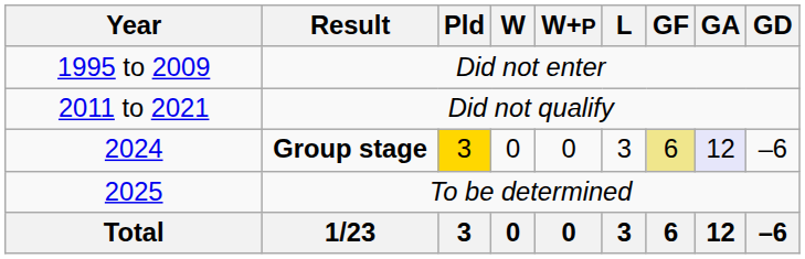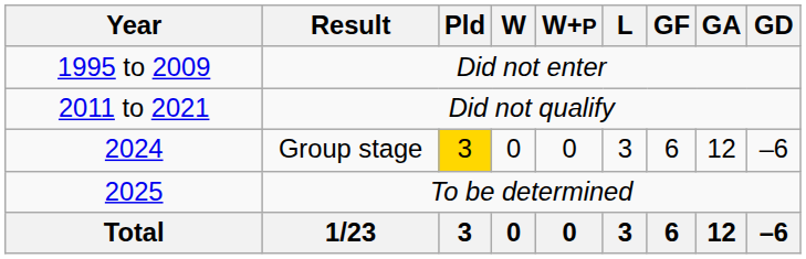 <table class="wikitable" style="text-align: center;">
 <tr>
 <th width=150>Year</th>
 <th width=100>Result</th>
 <th width=20>Pld</th>
 <th width=20>W</th>
 <th width=20>W+<small>P</small></th>
 <th width=20>L</th>
 <th width=20>GF</th>
 <th width=20>GA</th>
 <th width=25>GD</th>
 </tr>
 <tr>
 <td> <a href='#'>1995</a> to  <a href='#'>2009</a></td>
 <td colspan=8><em>Did not enter</em></td>
 </tr>
 <tr>
 <td> <a href='#'>2011</a> to  <a href='#'>2021</a></td>
 <td colspan=8><em>Did not qualify</em></td>
 </tr>
 <tr>
 <td> <a href='#'>2024</a></td>
-<td><strong>Group stage</strong></td>
+<td>Group stage</td>
 <td style="background: gold;">3</td>
 <td>0</td>
 <td>0</td>
 <td>3</td>
-<td style="background: khaki;">6</td>
-<td style="background: lavender;">12</td>
+<td>6</td>
+<td>12</td>
 <td>–6</td>
 </tr>
 <tr>
 <td> <a href='#'>2025</a></td>
 <td colspan=8><em>To be determined</em></td>
 </tr>
 <tr>
 <th><strong>Total</strong></th>
 <th>1/23</th>
 <th>3</th>
 <th>0</th>
 <th>0</th>
 <th>3</th>
 <th>6</th>
 <th>12</th>
 <th>–6</th>
 </tr>
 </table>
